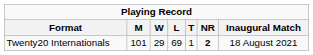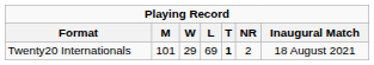 <table class="wikitable" style="text-align: center; width: 500px;">
 <tr>
 <td colspan=7 align="center"><strong>Playing Record</strong></td>
 </tr>
 <tr>
 <th>Format</th>
 <th>M</th>
 <th>W</th>
 <th>L</th>
 <th>T</th>
 <th>NR</th>
 <th>Inaugural Match</th>
 </tr>
 <tr>
 <td align="left">Twenty20 Internationals</td>
 <td>101</td>
 <td>29</td>
 <td>69</td>
-<td>1</td>
-<td><strong>2</strong></td>
+<td><strong>1</strong></td>
+<td>2</td>
 <td>18 August 2021</td>
 </tr>
 </table>
